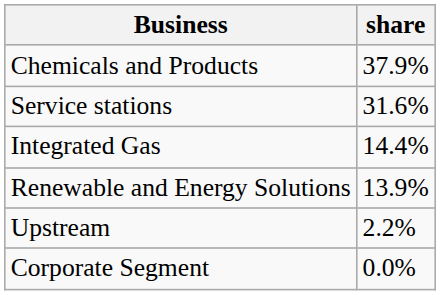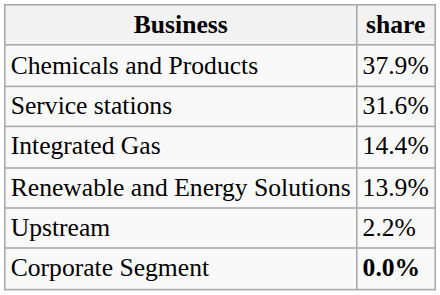 <table class="wikitable floatright">
 <tr>
 <th>Business</th>
 <th>share</th>
 </tr>
 <tr>
 <td>Chemicals and Products</td>
 <td>37.9%</td>
 </tr>
 <tr>
 <td>Service stations</td>
 <td>31.6%</td>
 </tr>
 <tr>
 <td>Integrated Gas</td>
 <td>14.4%</td>
 </tr>
 <tr>
 <td>Renewable and Energy Solutions</td>
 <td>13.9%</td>
 </tr>
 <tr>
 <td>Upstream</td>
 <td>2.2%</td>
 </tr>
 <tr>
 <td>Corporate Segment</td>
-<td>0.0%</td>
+<td><strong>0.0%</strong></td>
 </tr>
 </table>
